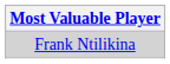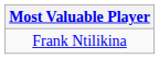 <table class=wikitable style="text-align:center; margin:auto">
 <tr>
 <th><a href='#'>Most Valuable Player</a></th>
 </tr>
 <tr>
-<td style="background: lightgrey;"> <a href='#'>Frank Ntilikina</a></td>
+<td> <a href='#'>Frank Ntilikina</a></td>
 </tr>
 </table>
